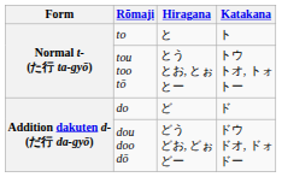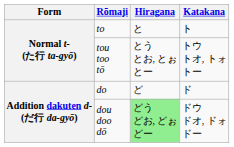 <table class="wikitable">
 <tr>
 <th>Form</th>
 <th><a href='#'>Rōmaji</a></th>
 <th><a href='#'>Hiragana</a></th>
 <th><a href='#'>Katakana</a></th>
 </tr>
 <tr>
 <th rowspan="2">Normal <em>t-</em><br>(た行 <em>ta-gyō</em>)</th>
 <td><em>to</em></td>
 <td>と</td>
 <td>ト</td>
 </tr>
 <tr>
 <td><em>tou</em><br><em>too</em><br><em>tō</em></td>
 <td>とう<br>とお, とぉ<br>とー</td>
 <td>トウ<br>トオ, トォ<br>トー</td>
 </tr>
 <tr>
 <th rowspan="2">Addition <a href='#'>dakuten</a> <em>d-</em><br>(だ行 <em>da-gyō</em>)</th>
 <td><em>do</em></td>
 <td>ど</td>
 <td>ド</td>
 </tr>
 <tr>
 <td><em>dou</em><br><em>doo</em><br><em>dō</em></td>
-<td>どう<br>どお, どぉ<br>どー</td>
+<td style="background: lightgreen;">どう<br>どお, どぉ<br>どー</td>
 <td>ドウ <br>ドオ, ドォ<br>ドー</td>
 </tr>
 </table>
